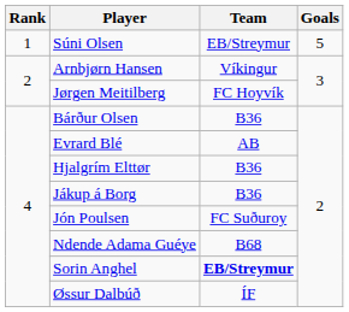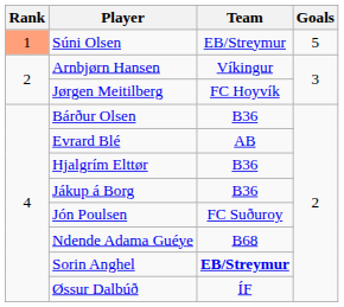 <table class="wikitable" style="text-align:center;">
 <tr>
 <th>Rank</th>
 <th>Player</th>
 <th>Team</th>
 <th>Goals</th>
 </tr>
 <tr>
-<td>1</td>
+<td style="background: lightsalmon;">1</td>
 <td align=left> <a href='#'>Súni Olsen</a></td>
 <td><a href='#'>EB/Streymur</a></td>
 <td>5</td>
 </tr>
 <tr>
 <td rowspan=2>2</td>
 <td align=left> <a href='#'>Arnbjørn Hansen</a></td>
 <td><a href='#'>Víkingur</a></td>
 <td rowspan=2>3</td>
 </tr>
 <tr>
 <td align=left> <a href='#'>Jørgen Meitilberg</a></td>
 <td><a href='#'>FC Hoyvík</a></td>
 </tr>
 <tr>
 <td rowspan=8>4</td>
 <td align=left> <a href='#'>Bárður Olsen</a></td>
 <td><a href='#'>B36</a></td>
 <td rowspan=8>2</td>
 </tr>
 <tr>
 <td align=left> <a href='#'>Evrard Blé</a></td>
 <td><a href='#'>AB</a></td>
 </tr>
 <tr>
 <td align=left> <a href='#'>Hjalgrím Elttør</a></td>
 <td><a href='#'>B36</a></td>
 </tr>
 <tr>
 <td align=left> <a href='#'>Jákup á Borg</a></td>
 <td><a href='#'>B36</a></td>
 </tr>
 <tr>
 <td align=left> <a href='#'>Jón Poulsen</a></td>
 <td><a href='#'>FC Suðuroy</a></td>
 </tr>
 <tr>
 <td align=left> <a href='#'>Ndende Adama Guéye</a></td>
 <td><a href='#'>B68</a></td>
 </tr>
 <tr>
 <td align=left> <a href='#'>Sorin Anghel</a></td>
 <td><strong><a href='#'>EB/Streymur</a></strong></td>
 </tr>
 <tr>
 <td align=left> <a href='#'>Øssur Dalbúð</a></td>
 <td><a href='#'>ÍF</a></td>
 </tr>
 </table>
